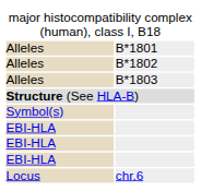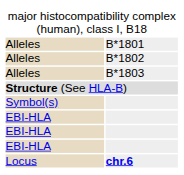 <table id="drugInfoBox" style="float: right; clear: right; margin: 0 0 0.5em 1em; background: #ffffff;" class="toccolours" border=0 cellpadding=0 align=right width="240px">
 <tr>
 <td align="center" colspan="3"></td>
 </tr>
 <tr style="text-align: center; line-height: 1.00;background:#eeeeee">
 <td colspan="3" color="white"></td>
 </tr>
 <tr>
 <td align="center" colspan="2"></td>
 </tr>
 <tr>
 <td align="center" colspan="2"><div>major histocompatibility complex (human), class I, B18</div></td>
 </tr>
 <tr>
 <td bgcolor="#e7dcc3">Alleles</td>
 <td bgcolor="#eeeeee">B*1801 <br></td>
 </tr>
 <tr>
 <td bgcolor="#e7dcc3">Alleles</td>
 <td bgcolor="#eeeeee">B*1802 <br></td>
 </tr>
 <tr>
 <td bgcolor="#e7dcc3">Alleles</td>
 <td bgcolor="#eeeeee">B*1803 <br></td>
 </tr>
 <tr>
 <td colspan="2" bgcolor="#dddddd"><strong>Structure</strong> (See <a href='#'>HLA-B</a>)</td>
 </tr>
 <tr>
 <td bgcolor="#e7dcc3"><a href='#'>Symbol(s)</a></td>
 <td bgcolor="#eeeeee"></td>
 </tr>
 <tr>
 <td bgcolor="#e7dcc3"><a href='#'>EBI-HLA</a></td>
 <td bgcolor="#eeeeee"></td>
 </tr>
 <tr>
 <td bgcolor="#e7dcc3"><a href='#'>EBI-HLA</a></td>
 <td bgcolor="#eeeeee"></td>
 </tr>
 <tr>
 <td bgcolor="#e7dcc3"><a href='#'>EBI-HLA</a></td>
 <td bgcolor="#eeeeee"></td>
 </tr>
 <tr>
 <td bgcolor="#e7dcc3"><a href='#'>Locus</a></td>
-<td bgcolor="#eeeeee"><a href='#'>chr.6</a> <em></em></td>
+<td bgcolor="#eeeeee"><strong><a href='#'>chr.6</a> <em></em></strong></td>
 </tr>
 <tr>
 </tr>
 </table>
